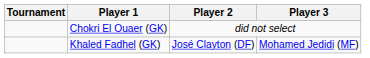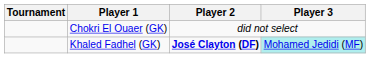 <table class="wikitable">
 <tr>
 <th>Tournament</th>
 <th>Player 1</th>
 <th>Player 2</th>
 <th>Player 3</th>
 </tr>
 <tr>
 <td></td>
 <td><a href='#'>Chokri El Ouaer</a> (<a href='#'>GK</a>)</td>
 <td colspan="2" align="center"><em>did not select</em></td>
 </tr>
 <tr>
 <td></td>
 <td><a href='#'>Khaled Fadhel</a> (<a href='#'>GK</a>)</td>
-<td><a href='#'>José Clayton</a> (<a href='#'>DF</a>)</td>
-<td><a href='#'>Mohamed Jedidi</a> (<a href='#'>MF</a>)</td>
+<td><strong><a href='#'>José Clayton</a> (<a href='#'>DF</a>)</strong></td>
+<td style="background: paleturquoise;"><a href='#'>Mohamed Jedidi</a> (<a href='#'>MF</a>)</td>
 </tr>
 </table>
